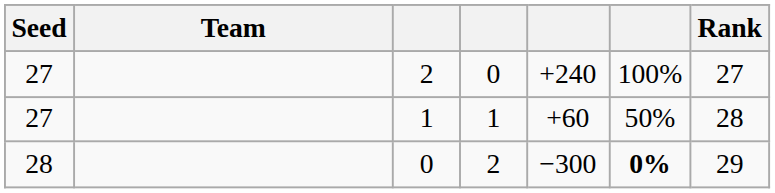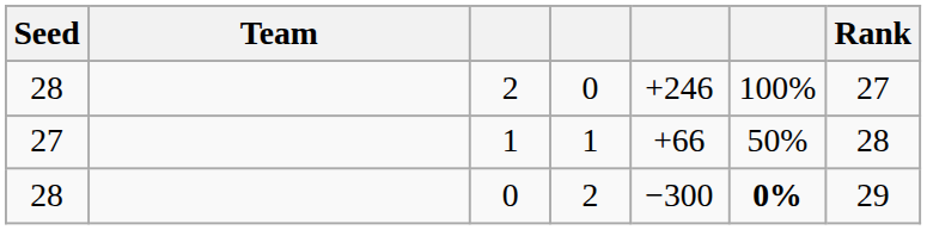 <table class="wikitable" style="text-align:center;font-size: 90%;">
 <tr>
 <th width="28px">Seed</th>
 <th width="160px">Team</th>
 <th width="28px"></th>
 <th width="28px"></th>
 <th width="36px"></th>
 <th width="36px"></th>
 <th width="28px">Rank</th>
 </tr>
 <tr>
-<td>27</td>
+<td>28</td>
 <td style="text-align:left;"></td>
 <td>2</td>
 <td>0</td>
-<td>+240</td>
+<td>+246</td>
 <td>100%</td>
 <td>27</td>
 </tr>
 <tr>
 <td>27</td>
 <td style="text-align:left;"></td>
 <td>1</td>
 <td>1</td>
-<td>+60</td>
+<td>+66</td>
 <td>50%</td>
 <td>28</td>
 </tr>
 <tr>
 <td>28</td>
 <td style="text-align:left;"></td>
 <td>0</td>
 <td>2</td>
 <td>−300</td>
 <td><strong>0%</strong></td>
 <td>29</td>
 </tr>
 </table>
